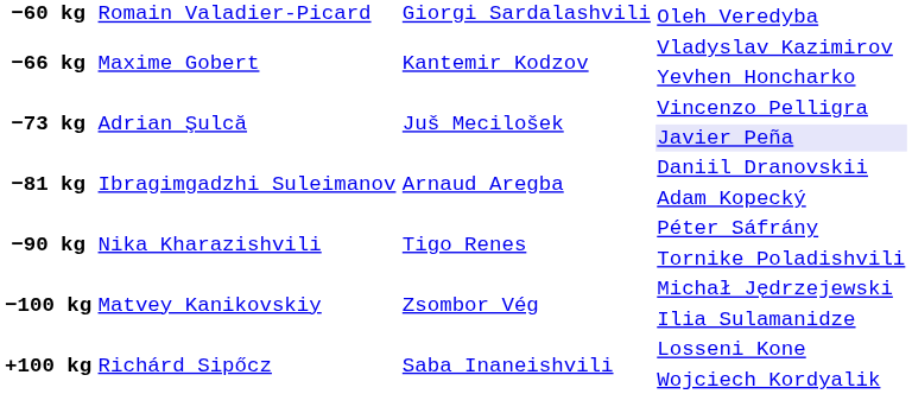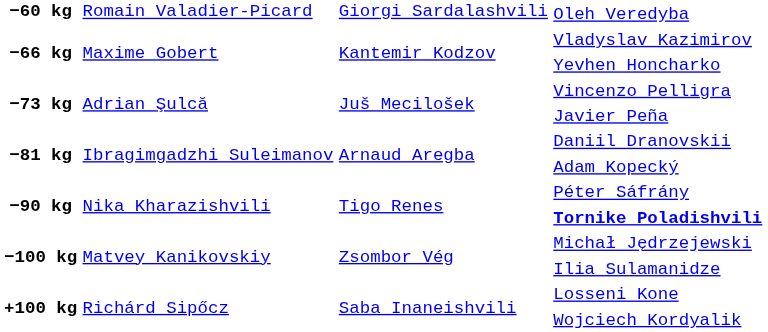 <table>
 <tr>
 <th rowspan=2>−60 kg</th>
 <td rowspan=2> <a href='#'>Romain Valadier-Picard</a></td>
 <td rowspan=2> <a href='#'>Giorgi Sardalashvili</a></td>
 <td> </td>
 </tr>
 <tr>
 <td> <a href='#'>Oleh Veredyba</a></td>
 </tr>
 <tr>
 <th rowspan=2>−66 kg</th>
 <td rowspan=2> <a href='#'>Maxime Gobert</a></td>
 <td rowspan=2> <a href='#'>Kantemir Kodzov</a></td>
 <td> <a href='#'>Vladyslav Kazimirov</a></td>
 </tr>
 <tr>
 <td> <a href='#'>Yevhen Honcharko</a></td>
 </tr>
 <tr>
 <th rowspan=2>−73 kg</th>
 <td rowspan=2> <a href='#'>Adrian Şulcă</a></td>
 <td rowspan=2> <a href='#'>Juš Mecilošek</a></td>
 <td> <a href='#'>Vincenzo Pelligra</a></td>
 </tr>
 <tr>
-<td style="background: lavender;"> <a href='#'>Javier Peña</a></td>
+<td> <a href='#'>Javier Peña</a></td>
 </tr>
 <tr>
 <th rowspan=2>−81 kg</th>
 <td rowspan=2> <a href='#'>Ibragimgadzhi Suleimanov</a></td>
 <td rowspan=2> <a href='#'>Arnaud Aregba</a></td>
 <td> <a href='#'>Daniil Dranovskii</a></td>
 </tr>
 <tr>
 <td> <a href='#'>Adam Kopecký</a></td>
 </tr>
 <tr>
 <th rowspan=2>−90 kg</th>
 <td rowspan=2> <a href='#'>Nika Kharazishvili</a></td>
 <td rowspan=2> <a href='#'>Tigo Renes</a></td>
 <td> <a href='#'>Péter Sáfrány</a></td>
 </tr>
 <tr>
-<td> <a href='#'>Tornike Poladishvili</a></td>
+<td><strong> <a href='#'>Tornike Poladishvili</a></strong></td>
 </tr>
 <tr>
 <th rowspan=2>−100 kg</th>
 <td rowspan=2> <a href='#'>Matvey Kanikovskiy</a></td>
 <td rowspan=2> <a href='#'>Zsombor Vég</a></td>
 <td> <a href='#'>Michał Jędrzejewski</a></td>
 </tr>
 <tr>
 <td> <a href='#'>Ilia Sulamanidze</a></td>
 </tr>
 <tr>
 <th rowspan=2>+100 kg</th>
 <td rowspan=2> <a href='#'>Richárd Sipőcz</a></td>
 <td rowspan=2> <a href='#'>Saba Inaneishvili</a></td>
 <td> <a href='#'>Losseni Kone</a></td>
 </tr>
 <tr>
 <td> <a href='#'>Wojciech Kordyalik</a></td>
 </tr>
 </table>
